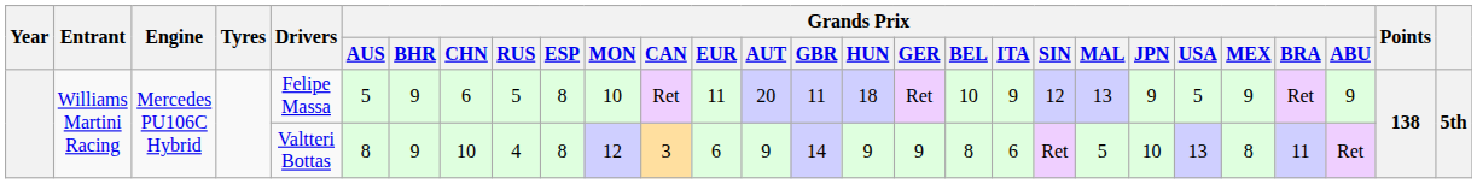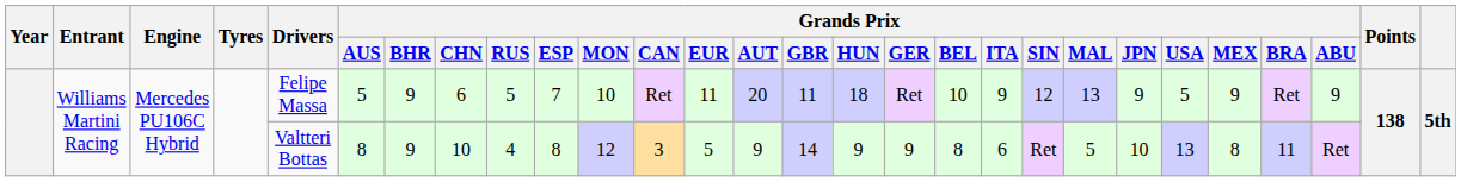 <table class="wikitable" style="text-align:center; font-size:90%">
 <tr>
 <th rowspan="2">Year</th>
 <th rowspan="2">Entrant</th>
 <th rowspan="2">Engine</th>
 <th rowspan="2">Tyres</th>
 <th rowspan="2">Drivers</th>
 <th colspan="21">Grands Prix</th>
 <th rowspan="2">Points</th>
 <th rowspan="2"></th>
 </tr>
 <tr>
 <th><a href='#'>AUS</a></th>
 <th><a href='#'>BHR</a></th>
 <th><a href='#'>CHN</a></th>
 <th><a href='#'>RUS</a></th>
 <th><a href='#'>ESP</a></th>
 <th><a href='#'>MON</a></th>
 <th><a href='#'>CAN</a></th>
 <th><a href='#'>EUR</a></th>
 <th><a href='#'>AUT</a></th>
 <th><a href='#'>GBR</a></th>
 <th><a href='#'>HUN</a></th>
 <th><a href='#'>GER</a></th>
 <th><a href='#'>BEL</a></th>
 <th><a href='#'>ITA</a></th>
 <th><a href='#'>SIN</a></th>
 <th><a href='#'>MAL</a></th>
 <th><a href='#'>JPN</a></th>
 <th><a href='#'>USA</a></th>
 <th><a href='#'>MEX</a></th>
 <th><a href='#'>BRA</a></th>
 <th><a href='#'>ABU</a></th>
 </tr>
 <tr>
 <th rowspan="2"></th>
 <td rowspan="2"><a href='#'>Williams<br>Martini Racing</a></td>
 <td rowspan="2"><a href='#'>Mercedes<br>PU106C<br>Hybrid</a></td>
 <td rowspan="2"></td>
 <td align="center"><a href='#'>Felipe Massa</a></td>
 <td style="background-color:#DFFFDF">5</td>
 <td style="background-color:#DFFFDF">9</td>
 <td style="background-color:#DFFFDF">6</td>
 <td style="background-color:#DFFFDF">5</td>
-<td style="background-color:#DFFFDF">8</td>
+<td style="background-color:#DFFFDF">7</td>
 <td style="background-color:#DFFFDF">10</td>
 <td style="background-color:#EFCFFF">Ret</td>
 <td style="background-color:#DFFFDF">11</td>
 <td style="background-color:#CFCFFF">20</td>
 <td style="background-color:#CFCFFF">11</td>
 <td style="background-color:#CFCFFF">18</td>
 <td style="background-color:#EFCFFF">Ret</td>
 <td style="background-color:#DFFFDF">10</td>
 <td style="background-color:#DFFFDF">9</td>
 <td style="background-color:#CFCFFF">12</td>
 <td style="background-color:#CFCFFF">13</td>
 <td style="background-color:#DFFFDF">9</td>
 <td style="background-color:#DFFFDF">5</td>
 <td style="background-color:#DFFFDF">9</td>
 <td style="background-color:#EFCFFF">Ret</td>
 <td style="background-color:#DFFFDF">9</td>
 <th rowspan="2">138</th>
 <th rowspan="2">5th</th>
 </tr>
 <tr>
 <td align="center"><a href='#'>Valtteri Bottas</a></td>
 <td style="background-color:#DFFFDF">8</td>
 <td style="background-color:#DFFFDF">9</td>
 <td style="background-color:#DFFFDF">10</td>
 <td style="background-color:#DFFFDF">4</td>
 <td style="background-color:#DFFFDF">8</td>
 <td style="background-color:#CFCFFF">12</td>
 <td style="background-color:#FFDF9F">3</td>
-<td style="background-color:#DFFFDF">6</td>
+<td style="background-color:#DFFFDF">5</td>
 <td style="background-color:#DFFFDF">9</td>
 <td style="background-color:#CFCFFF">14</td>
 <td style="background-color:#DFFFDF">9</td>
 <td style="background-color:#DFFFDF">9</td>
 <td style="background-color:#DFFFDF">8</td>
 <td style="background-color:#DFFFDF">6</td>
 <td style="background-color:#efcfff">Ret</td>
 <td style="background-color:#DFFFDF">5</td>
 <td style="background-color:#DFFFDF">10</td>
 <td style="background-color:#CFCFFF">13</td>
 <td style="background-color:#DFFFDF">8</td>
 <td style="background-color:#CFCFFF">11</td>
 <td style="background-color:#efcfff">Ret</td>
 </tr>
 </table>
